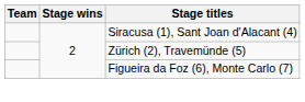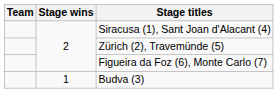 <table class="wikitable">
 <tr>
 <th>Team</th>
 <th>Stage wins</th>
 <th>Stage titles</th>
 </tr>
 <tr>
 <td></td>
 <td align=center  rowspan="3">2</td>
 <td>Siracusa (1), Sant Joan d'Alacant (4)</td>
 </tr>
 <tr>
 <td></td>
 <td>Zürich (2), Travemünde (5)</td>
 </tr>
 <tr>
 <td></td>
 <td>Figueira da Foz (6), Monte Carlo (7)</td>
 </tr>
+<tr>
+<td></td>
+<td align=center>1</td>
+<td>Budva (3)</td>
+</tr>
 </table>
